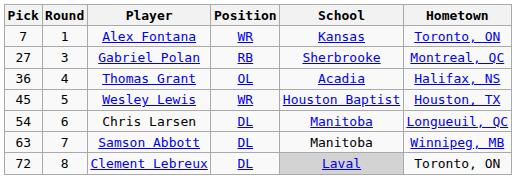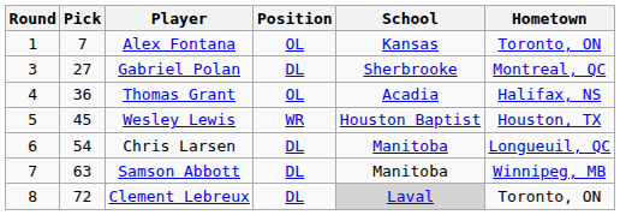 <table class="wikitable sortable">
 <tr>
+<th scope="col">Round</th>
 <th scope="col">Pick</th>
-<th scope="col">Round</th>
 <th scope="col">Player</th>
 <th scope="col">Position</th>
 <th scope="col">School</th>
 <th scope="col">Hometown</th>
 </tr>
 <tr align="center">
+<td align=center>1</td>
 <td>7</td>
-<td align=center>1</td>
 <td><a href='#'>Alex Fontana</a></td>
-<td><a href='#'>WR</a></td>
+<td><a href='#'>OL</a></td>
 <td><a href='#'>Kansas</a></td>
 <td><a href='#'>Toronto, ON</a></td>
 </tr>
 <tr align="center">
+<td align=center>3</td>
 <td>27</td>
-<td align=center>3</td>
 <td><a href='#'>Gabriel Polan</a></td>
-<td><a href='#'>RB</a></td>
+<td><a href='#'>DL</a></td>
 <td><a href='#'>Sherbrooke</a></td>
 <td><a href='#'>Montreal, QC</a></td>
 </tr>
 <tr align="center">
+<td align=center>4</td>
 <td>36</td>
-<td align=center>4</td>
 <td><a href='#'>Thomas Grant</a></td>
 <td><a href='#'>OL</a></td>
 <td><a href='#'>Acadia</a></td>
 <td><a href='#'>Halifax, NS</a></td>
 </tr>
 <tr align="center">
+<td align=center>5</td>
 <td>45</td>
-<td align=center>5</td>
 <td><a href='#'>Wesley Lewis</a></td>
 <td><a href='#'>WR</a></td>
 <td><a href='#'>Houston Baptist</a></td>
 <td><a href='#'>Houston, TX</a></td>
 </tr>
 <tr align="center">
+<td align=center>6</td>
 <td>54</td>
-<td align=center>6</td>
 <td>Chris Larsen</td>
 <td><a href='#'>DL</a></td>
 <td><a href='#'>Manitoba</a></td>
 <td><a href='#'>Longueuil, QC</a></td>
 </tr>
 <tr align="center">
+<td align=center>7</td>
 <td>63</td>
-<td align=center>7</td>
 <td><a href='#'>Samson Abbott</a></td>
 <td><a href='#'>DL</a></td>
 <td>Manitoba</td>
 <td><a href='#'>Winnipeg, MB</a></td>
 </tr>
 <tr align="center">
+<td align=center>8</td>
 <td>72</td>
-<td align=center>8</td>
 <td><a href='#'>Clement Lebreux</a></td>
 <td><a href='#'>DL</a></td>
 <td style="background: lightgrey;"><a href='#'>Laval</a></td>
 <td>Toronto, ON</td>
 </tr>
 </table>
